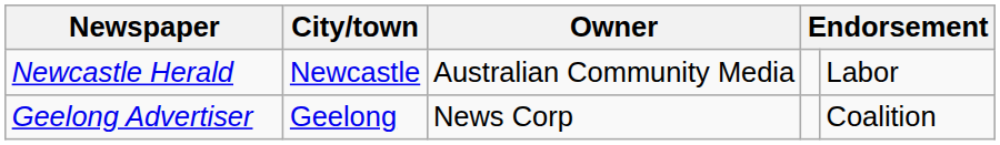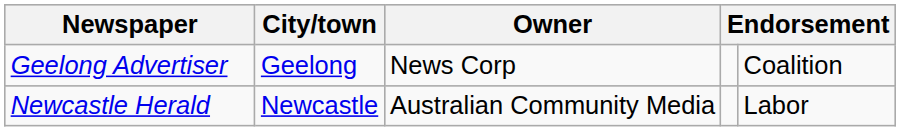 <table class="wikitable sortable right">
 <tr>
 <th style="width:150px;">Newspaper</th>
 <th>City/town</th>
 <th>Owner</th>
 <th colspan=2>Endorsement</th>
 </tr>
 <tr>
+<td><em><a href='#'>Geelong Advertiser</a></em></td>
+<td><a href='#'>Geelong</a></td>
+<td>News Corp</td>
+<td></td>
+<td>Coalition</td>
+</tr>
+<tr>
 <td><em><a href='#'>Newcastle Herald</a></em></td>
 <td><a href='#'>Newcastle</a></td>
 <td>Australian Community Media</td>
 <td></td>
 <td>Labor</td>
 </tr>
-<tr>
-<td><em><a href='#'>Geelong Advertiser</a></em></td>
-<td><a href='#'>Geelong</a></td>
-<td>News Corp</td>
-<td></td>
-<td>Coalition</td>
-</tr>
 </table>
